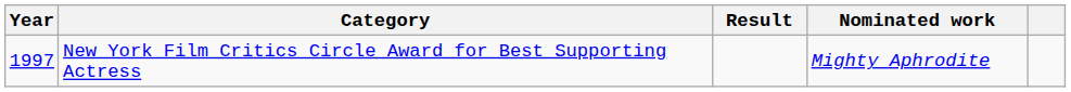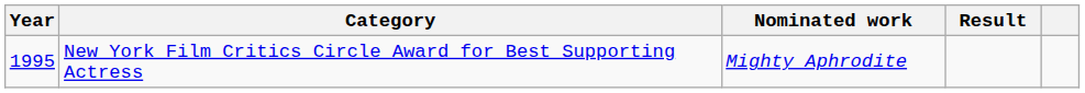 <table class="wikitable">
 <tr>
 <th>Year</th>
 <th width="450">Category</th>
+<th width="148">Nominated work</th>
 <th width="60">Result</th>
-<th width="148">Nominated work</th>
 <th width="20" class="unsortable"></th>
 </tr>
 <tr>
-<td><a href='#'>1997</a></td>
+<td><a href='#'>1995</a></td>
 <td><a href='#'>New York Film Critics Circle Award for Best Supporting Actress</a></td>
+<td><em><a href='#'>Mighty Aphrodite</a></em></td>
 <td></td>
-<td><em><a href='#'>Mighty Aphrodite</a></em></td>
 <td></td>
 </tr>
 </table>
